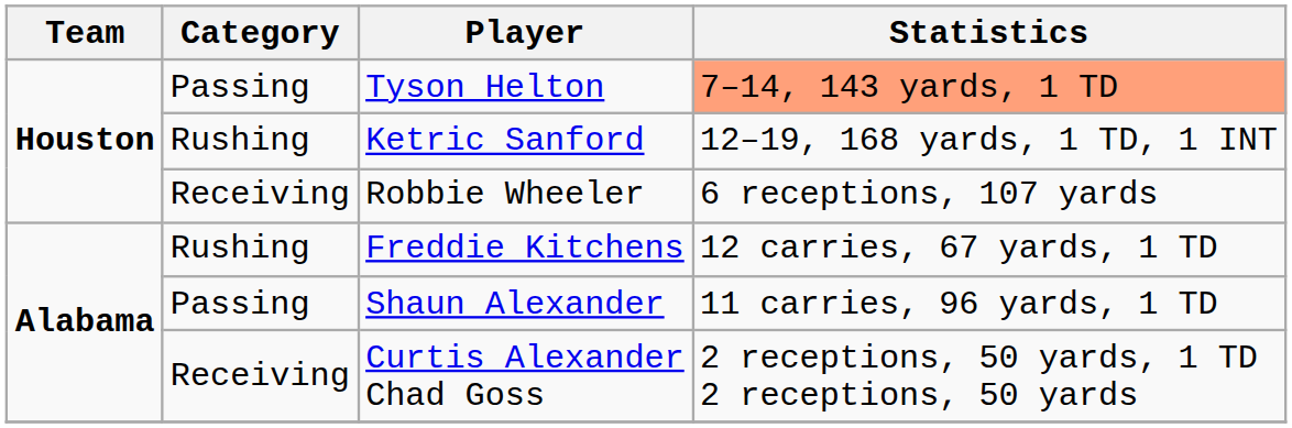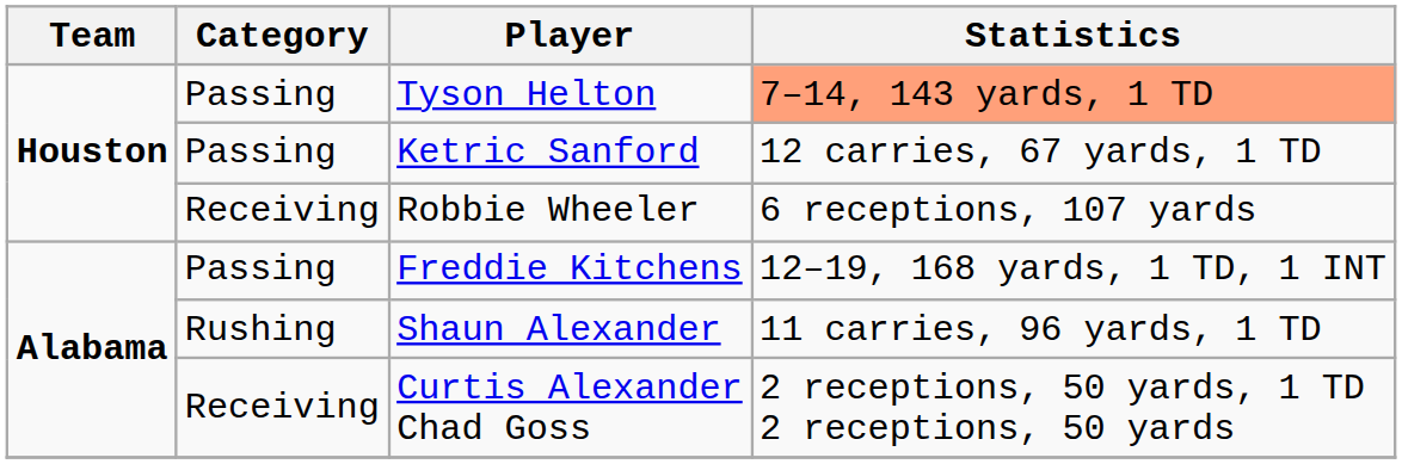 <table class="wikitable" style="float: right;">
 <tr>
 <th>Team</th>
 <th>Category</th>
 <th>Player</th>
 <th>Statistics</th>
 </tr>
 <tr>
 <td rowspan=3><strong>Houston</strong></td>
 <td>Passing</td>
 <td><a href='#'>Tyson Helton</a></td>
 <td style="background: lightsalmon;">7–14, 143 yards, 1 TD</td>
 </tr>
 <tr>
-<td>Rushing</td>
+<td>Passing</td>
 <td><a href='#'>Ketric Sanford</a></td>
-<td>12–19, 168 yards, 1 TD, 1 INT</td>
+<td>12 carries, 67 yards, 1 TD</td>
 </tr>
 <tr>
 <td>Receiving</td>
 <td>Robbie Wheeler</td>
 <td>6 receptions, 107 yards</td>
 </tr>
 <tr>
 <td rowspan=3><strong>Alabama</strong></td>
-<td>Rushing</td>
+<td>Passing</td>
 <td><a href='#'>Freddie Kitchens</a></td>
-<td>12 carries, 67 yards, 1 TD</td>
+<td>12–19, 168 yards, 1 TD, 1 INT</td>
 </tr>
 <tr>
-<td>Passing</td>
+<td>Rushing</td>
 <td><a href='#'>Shaun Alexander</a></td>
 <td>11 carries, 96 yards, 1 TD</td>
 </tr>
 <tr>
 <td>Receiving</td>
 <td><a href='#'>Curtis Alexander</a><br>Chad Goss</td>
 <td>2 receptions, 50 yards, 1 TD<br>2 receptions, 50 yards</td>
 </tr>
 <tr>
 </tr>
 </table>
